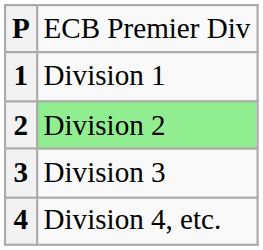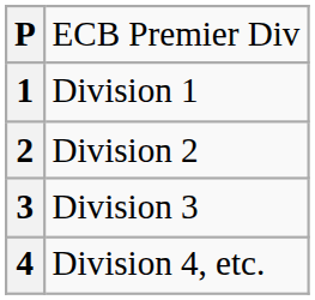 <table class="wikitable" style="font-size:85%">
 <tr>
 <th scope="row">P</th>
 <td>ECB Premier Div</td>
 </tr>
 <tr>
 <th scope="row">1</th>
 <td>Division 1</td>
 </tr>
 <tr>
 <th scope="row">2</th>
-<td style="background: lightgreen;">Division 2</td>
+<td>Division 2</td>
 </tr>
 <tr>
 <th scope="row">3</th>
 <td>Division 3</td>
 </tr>
 <tr>
 <th scope="row">4</th>
 <td>Division 4, etc.</td>
 </tr>
 </table>
